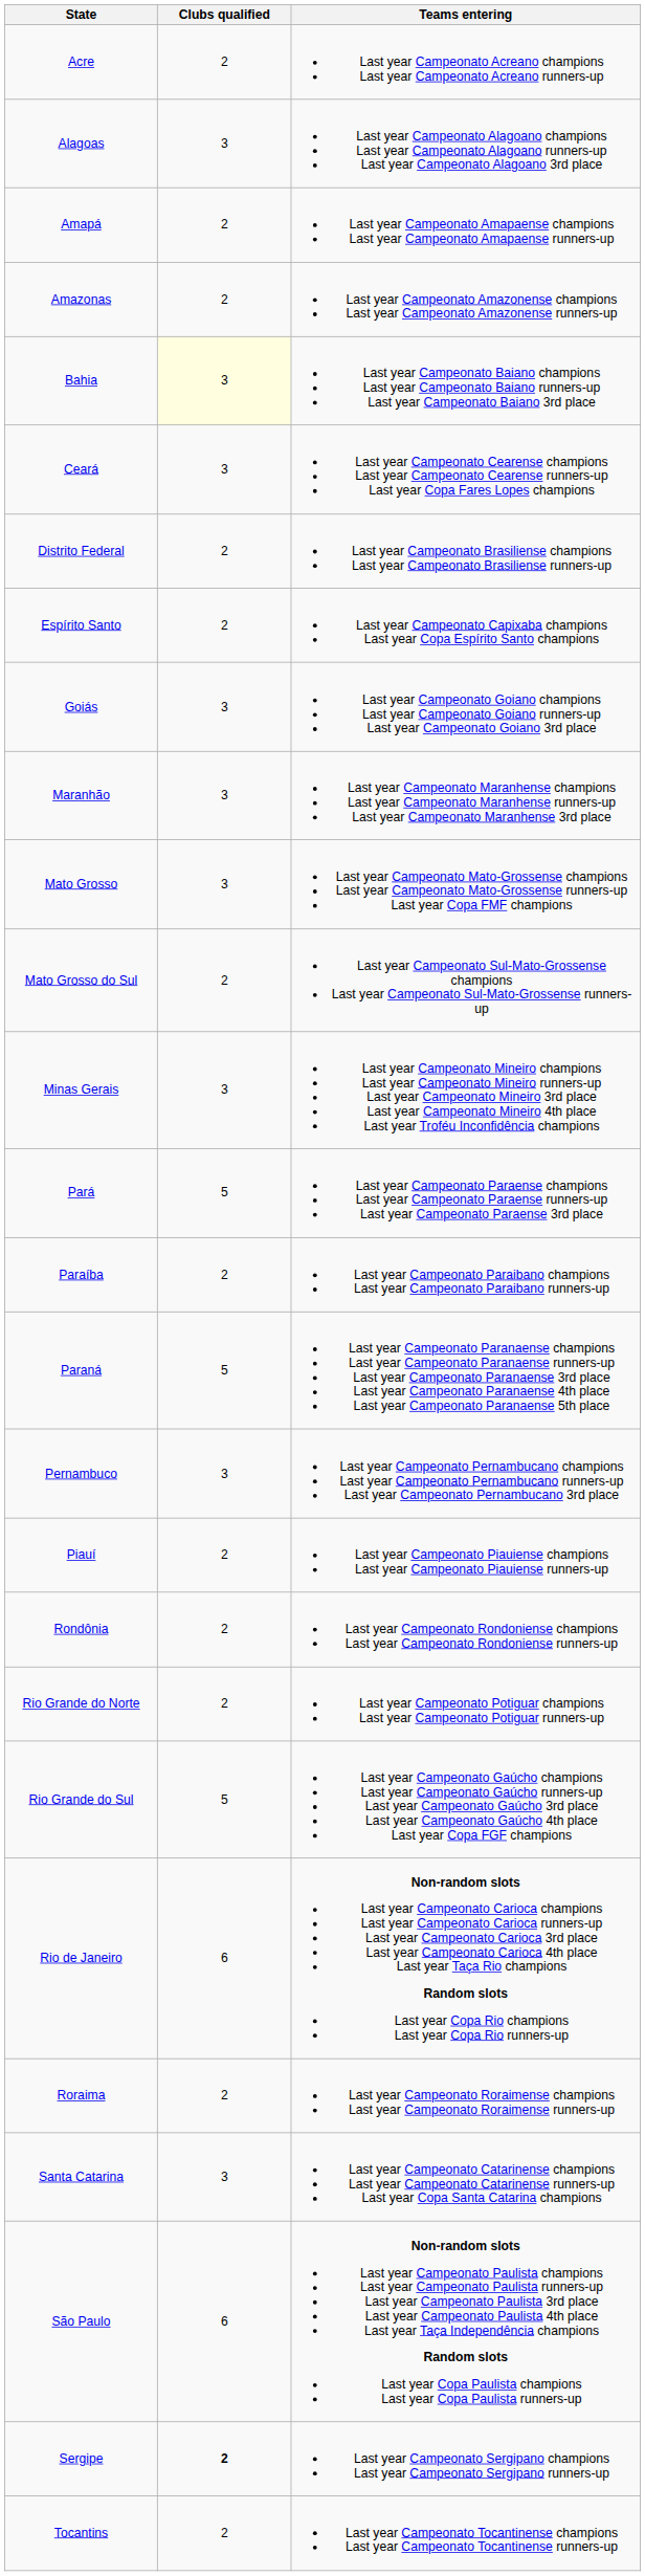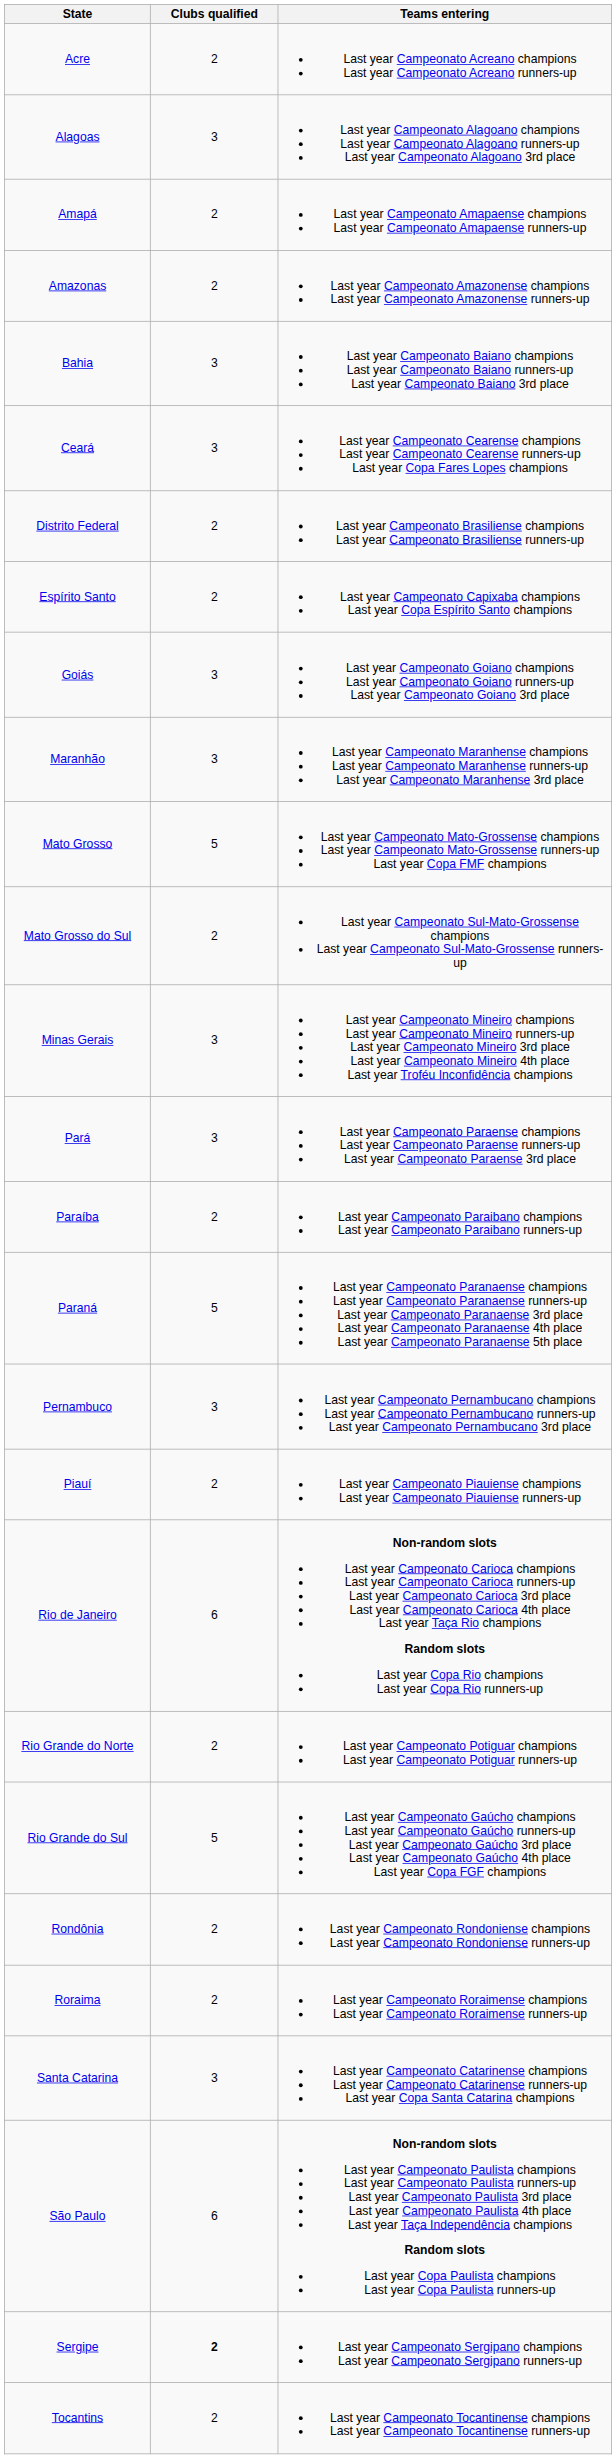 <table class="wikitable" style="text-align: center; font-size: 100%; width: 800px;">
 <tr>
 <th width="1%">State</th>
 <th width="1%">Clubs qualified</th>
 <th width="3%">Teams entering</th>
 </tr>
 <tr>
 <td> <a href='#'>Acre</a></td>
 <td>2</td>
 <td><br><ul><li>Last year <a href='#'>Campeonato Acreano</a> champions</li><li>Last year <a href='#'>Campeonato Acreano</a> runners-up</li></ul></td>
 </tr>
 <tr>
 <td> <a href='#'>Alagoas</a></td>
 <td>3</td>
 <td><br><ul><li>Last year <a href='#'>Campeonato Alagoano</a> champions</li><li>Last year <a href='#'>Campeonato Alagoano</a> runners-up</li><li>Last year <a href='#'>Campeonato Alagoano</a> 3rd place</li></ul></td>
 </tr>
 <tr>
 <td> <a href='#'>Amapá</a></td>
 <td>2</td>
 <td><br><ul><li>Last year <a href='#'>Campeonato Amapaense</a> champions</li><li>Last year <a href='#'>Campeonato Amapaense</a> runners-up</li></ul></td>
 </tr>
 <tr>
 <td> <a href='#'>Amazonas</a></td>
 <td>2</td>
 <td><br><ul><li>Last year <a href='#'>Campeonato Amazonense</a> champions</li><li>Last year <a href='#'>Campeonato Amazonense</a> runners-up</li></ul></td>
 </tr>
 <tr>
 <td> <a href='#'>Bahia</a></td>
-<td style="background: lightyellow;">3</td>
+<td>3</td>
 <td><br><ul><li>Last year <a href='#'>Campeonato Baiano</a> champions</li><li>Last year <a href='#'>Campeonato Baiano</a> runners-up</li><li>Last year <a href='#'>Campeonato Baiano</a> 3rd place</li></ul></td>
 </tr>
 <tr>
 <td> <a href='#'>Ceará</a></td>
 <td>3</td>
 <td><br><ul><li>Last year <a href='#'>Campeonato Cearense</a> champions</li><li>Last year <a href='#'>Campeonato Cearense</a> runners-up</li><li>Last year <a href='#'>Copa Fares Lopes</a> champions</li></ul></td>
 </tr>
 <tr>
 <td> <a href='#'>Distrito Federal</a></td>
 <td>2</td>
 <td><br><ul><li>Last year <a href='#'>Campeonato Brasiliense</a> champions</li><li>Last year <a href='#'>Campeonato Brasiliense</a> runners-up</li></ul></td>
 </tr>
 <tr>
 <td> <a href='#'>Espírito Santo</a></td>
 <td>2</td>
 <td><br><ul><li>Last year <a href='#'>Campeonato Capixaba</a> champions</li><li>Last year <a href='#'>Copa Espírito Santo</a> champions</li></ul></td>
 </tr>
 <tr>
 <td> <a href='#'>Goiás</a></td>
 <td>3</td>
 <td><br><ul><li>Last year <a href='#'>Campeonato Goiano</a> champions</li><li>Last year <a href='#'>Campeonato Goiano</a> runners-up</li><li>Last year <a href='#'>Campeonato Goiano</a> 3rd place</li></ul></td>
 </tr>
 <tr>
 <td> <a href='#'>Maranhão</a></td>
 <td>3</td>
 <td><br><ul><li>Last year <a href='#'>Campeonato Maranhense</a> champions</li><li>Last year <a href='#'>Campeonato Maranhense</a> runners-up</li><li>Last year <a href='#'>Campeonato Maranhense</a> 3rd place</li></ul></td>
 </tr>
 <tr>
 <td> <a href='#'>Mato Grosso</a></td>
-<td>3</td>
+<td>5</td>
 <td><br><ul><li>Last year <a href='#'>Campeonato Mato-Grossense</a> champions</li><li>Last year <a href='#'>Campeonato Mato-Grossense</a> runners-up</li><li>Last year <a href='#'>Copa FMF</a> champions</li></ul></td>
 </tr>
 <tr>
 <td> <a href='#'>Mato Grosso do Sul</a></td>
 <td>2</td>
 <td><br><ul><li>Last year <a href='#'>Campeonato Sul-Mato-Grossense</a> champions</li><li>Last year <a href='#'>Campeonato Sul-Mato-Grossense</a> runners-up</li></ul></td>
 </tr>
 <tr>
 <td> <a href='#'>Minas Gerais</a></td>
 <td>3</td>
 <td><br><ul><li>Last year <a href='#'>Campeonato Mineiro</a> champions</li><li>Last year <a href='#'>Campeonato Mineiro</a> runners-up</li><li>Last year <a href='#'>Campeonato Mineiro</a> 3rd place</li><li>Last year <a href='#'>Campeonato Mineiro</a> 4th place</li><li>Last year <a href='#'>Troféu Inconfidência</a> champions</li></ul></td>
 </tr>
 <tr>
 <td> <a href='#'>Pará</a></td>
-<td>5</td>
+<td>3</td>
 <td><br><ul><li>Last year <a href='#'>Campeonato Paraense</a> champions</li><li>Last year <a href='#'>Campeonato Paraense</a> runners-up</li><li>Last year <a href='#'>Campeonato Paraense</a> 3rd place</li></ul></td>
 </tr>
 <tr>
 <td> <a href='#'>Paraíba</a></td>
 <td>2</td>
 <td><br><ul><li>Last year <a href='#'>Campeonato Paraibano</a> champions</li><li>Last year <a href='#'>Campeonato Paraibano</a> runners-up</li></ul></td>
 </tr>
 <tr>
 <td> <a href='#'>Paraná</a></td>
 <td>5</td>
 <td><br><ul><li>Last year <a href='#'>Campeonato Paranaense</a> champions</li><li>Last year <a href='#'>Campeonato Paranaense</a> runners-up</li><li>Last year <a href='#'>Campeonato Paranaense</a> 3rd place</li><li>Last year <a href='#'>Campeonato Paranaense</a> 4th place</li><li>Last year <a href='#'>Campeonato Paranaense</a> 5th place</li></ul></td>
 </tr>
 <tr>
 <td> <a href='#'>Pernambuco</a></td>
 <td>3</td>
 <td><br><ul><li>Last year <a href='#'>Campeonato Pernambucano</a> champions</li><li>Last year <a href='#'>Campeonato Pernambucano</a> runners-up</li><li>Last year <a href='#'>Campeonato Pernambucano</a> 3rd place</li></ul></td>
 </tr>
 <tr>
 <td> <a href='#'>Piauí</a></td>
 <td>2</td>
 <td><br><ul><li>Last year <a href='#'>Campeonato Piauiense</a> champions</li><li>Last year <a href='#'>Campeonato Piauiense</a> runners-up</li></ul></td>
 </tr>
 <tr>
-<td> <a href='#'>Rondônia</a></td>
-<td>2</td>
-<td><br><ul><li>Last year <a href='#'>Campeonato Rondoniense</a> champions</li><li>Last year <a href='#'>Campeonato Rondoniense</a> runners-up</li></ul></td>
+<td> <a href='#'>Rio de Janeiro</a></td>
+<td>6</td>
+<td><br><strong>Non-random slots</strong><ul><li>Last year <a href='#'>Campeonato Carioca</a> champions</li><li>Last year <a href='#'>Campeonato Carioca</a> runners-up</li><li>Last year <a href='#'>Campeonato Carioca</a> 3rd place</li><li>Last year <a href='#'>Campeonato Carioca</a> 4th place</li><li>Last year <a href='#'>Taça Rio</a> champions</li></ul><strong>Random slots</strong><ul><li>Last year <a href='#'>Copa Rio</a> champions</li><li>Last year <a href='#'>Copa Rio</a> runners-up</li></ul> </td>
 </tr>
 <tr>
 <td> <a href='#'>Rio Grande do Norte</a></td>
 <td>2</td>
 <td><br><ul><li>Last year <a href='#'>Campeonato Potiguar</a> champions</li><li>Last year <a href='#'>Campeonato Potiguar</a> runners-up</li></ul></td>
 </tr>
 <tr>
 <td> <a href='#'>Rio Grande do Sul</a></td>
 <td>5</td>
 <td><br><ul><li>Last year <a href='#'>Campeonato Gaúcho</a> champions</li><li>Last year <a href='#'>Campeonato Gaúcho</a> runners-up</li><li>Last year <a href='#'>Campeonato Gaúcho</a> 3rd place</li><li>Last year <a href='#'>Campeonato Gaúcho</a> 4th place</li><li>Last year <a href='#'>Copa FGF</a> champions</li></ul></td>
 </tr>
 <tr>
-<td> <a href='#'>Rio de Janeiro</a></td>
-<td>6</td>
-<td><br><strong>Non-random slots</strong><ul><li>Last year <a href='#'>Campeonato Carioca</a> champions</li><li>Last year <a href='#'>Campeonato Carioca</a> runners-up</li><li>Last year <a href='#'>Campeonato Carioca</a> 3rd place</li><li>Last year <a href='#'>Campeonato Carioca</a> 4th place</li><li>Last year <a href='#'>Taça Rio</a> champions</li></ul><strong>Random slots</strong><ul><li>Last year <a href='#'>Copa Rio</a> champions</li><li>Last year <a href='#'>Copa Rio</a> runners-up</li></ul> </td>
+<td> <a href='#'>Rondônia</a></td>
+<td>2</td>
+<td><br><ul><li>Last year <a href='#'>Campeonato Rondoniense</a> champions</li><li>Last year <a href='#'>Campeonato Rondoniense</a> runners-up</li></ul></td>
 </tr>
 <tr>
 <td> <a href='#'>Roraima</a></td>
 <td>2</td>
 <td><br><ul><li>Last year <a href='#'>Campeonato Roraimense</a> champions</li><li>Last year <a href='#'>Campeonato Roraimense</a> runners-up</li></ul></td>
 </tr>
 <tr>
 <td> <a href='#'>Santa Catarina</a></td>
 <td>3</td>
 <td><br><ul><li>Last year <a href='#'>Campeonato Catarinense</a> champions</li><li>Last year <a href='#'>Campeonato Catarinense</a> runners-up</li><li>Last year <a href='#'>Copa Santa Catarina</a> champions</li></ul></td>
 </tr>
 <tr>
 <td> <a href='#'>São Paulo</a></td>
 <td>6</td>
 <td><br><strong>Non-random slots</strong><ul><li>Last year <a href='#'>Campeonato Paulista</a> champions</li><li>Last year <a href='#'>Campeonato Paulista</a> runners-up</li><li>Last year <a href='#'>Campeonato Paulista</a> 3rd place</li><li>Last year <a href='#'>Campeonato Paulista</a> 4th place</li><li>Last year <a href='#'>Taça Independência</a> champions</li></ul><strong>Random slots</strong><ul><li>Last year <a href='#'>Copa Paulista</a> champions</li><li>Last year <a href='#'>Copa Paulista</a> runners-up</li></ul> </td>
 </tr>
 <tr>
 <td> <a href='#'>Sergipe</a></td>
 <td><strong>2</strong></td>
 <td><br><ul><li>Last year <a href='#'>Campeonato Sergipano</a> champions</li><li>Last year <a href='#'>Campeonato Sergipano</a> runners-up</li></ul></td>
 </tr>
 <tr>
 <td> <a href='#'>Tocantins</a></td>
 <td>2</td>
 <td><br><ul><li>Last year <a href='#'>Campeonato Tocantinense</a> champions</li><li>Last year <a href='#'>Campeonato Tocantinense</a> runners-up</li></ul></td>
 </tr>
 </table>
